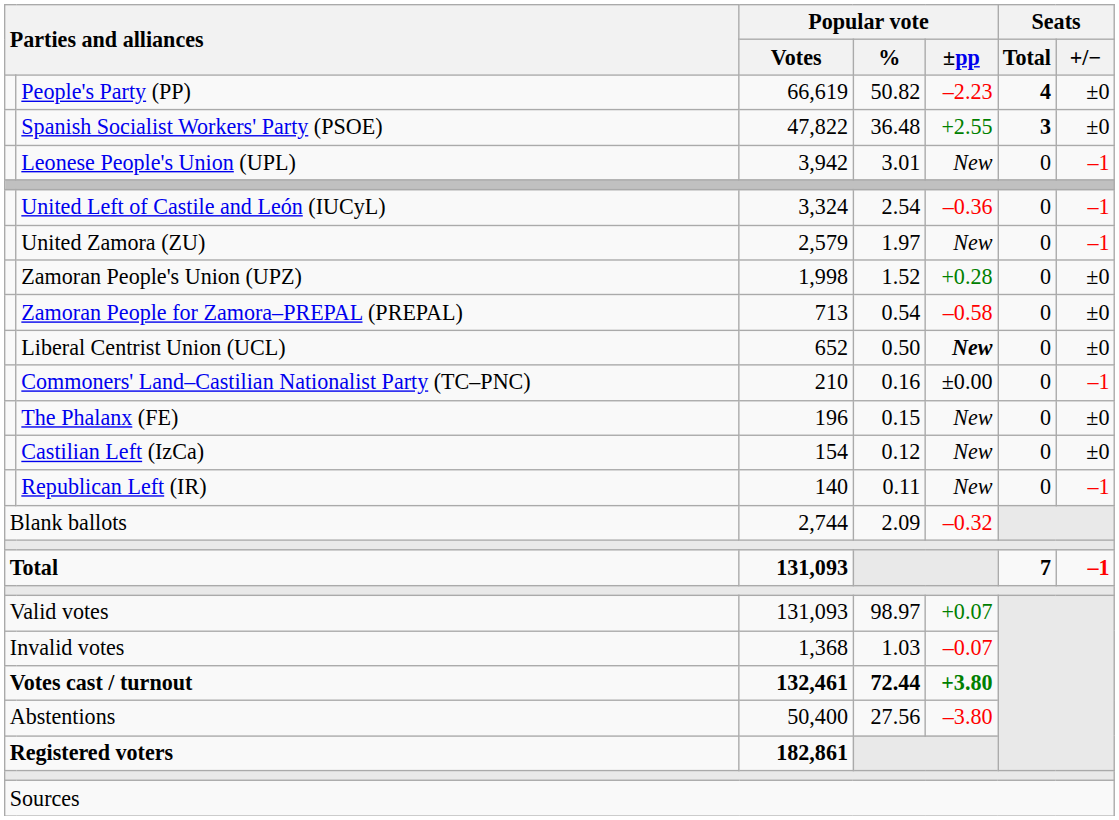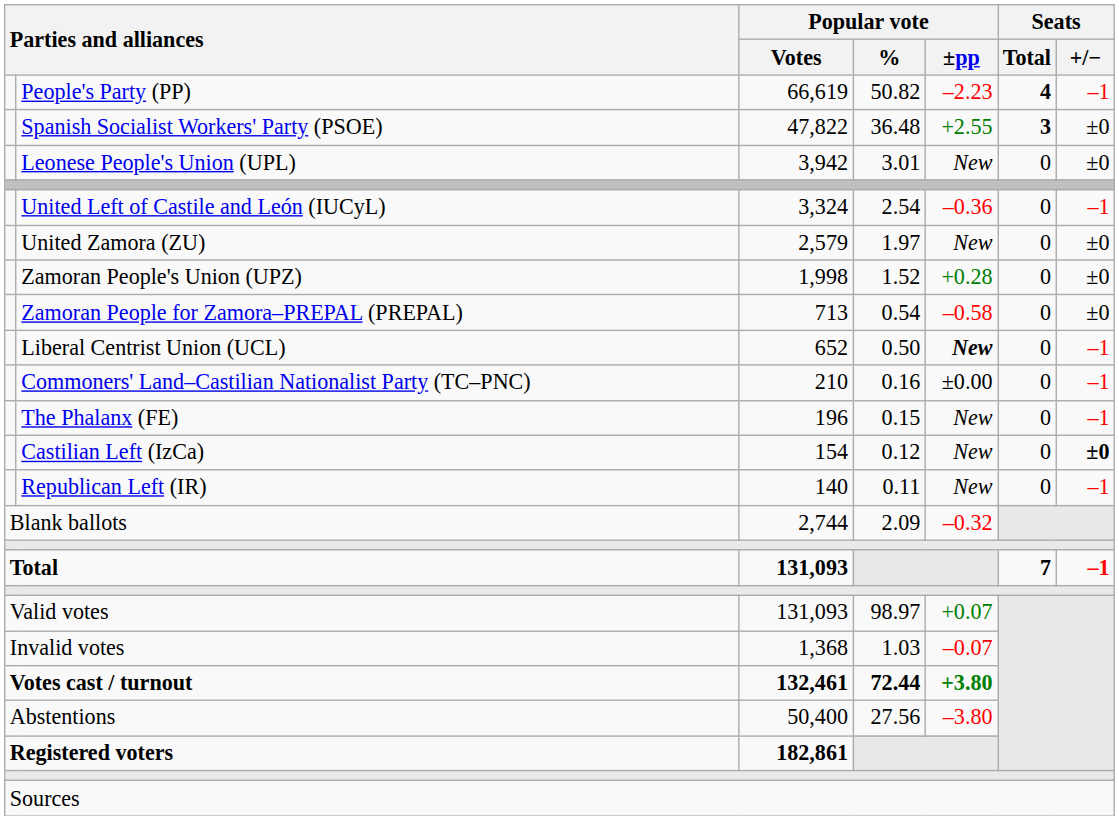 <table class="wikitable" style="text-align:right;">
 <tr>
 <th style="text-align:left;" rowspan="2" colspan="2" width="525">Parties and alliances</th>
 <th colspan="3">Popular vote</th>
 <th colspan="2">Seats</th>
 </tr>
 <tr>
 <th width="75">Votes</th>
 <th width="45">%</th>
 <th width="45">±<a href='#'>pp</a></th>
 <th width="35">Total</th>
 <th width="35">+/−</th>
 </tr>
 <tr>
 <td width="1" style="color:inherit;background:"></td>
 <td align="left"><a href='#'>People's Party</a> (PP)</td>
 <td>66,619</td>
 <td>50.82</td>
 <td style="color:red;">–2.23</td>
 <td><strong>4</strong></td>
-<td>±0</td>
+<td style="color:red;">–1</td>
 </tr>
 <tr>
 <td style="color:inherit;background:"></td>
 <td align="left"><a href='#'>Spanish Socialist Workers' Party</a> (PSOE)</td>
 <td>47,822</td>
 <td>36.48</td>
 <td style="color:green;">+2.55</td>
 <td><strong>3</strong></td>
 <td>±0</td>
 </tr>
 <tr>
 <td style="color:inherit;background:"></td>
 <td align="left"><a href='#'>Leonese People's Union</a> (UPL)</td>
 <td>3,942</td>
 <td>3.01</td>
 <td><em>New</em></td>
 <td>0</td>
-<td style="color:red;">–1</td>
+<td>±0</td>
 </tr>
 <tr>
 <td colspan="7" bgcolor="#C0C0C0"></td>
 </tr>
 <tr>
 <td style="color:inherit;background:"></td>
 <td align="left"><a href='#'>United Left of Castile and León</a> (IUCyL)</td>
 <td>3,324</td>
 <td>2.54</td>
 <td style="color:red;">–0.36</td>
 <td>0</td>
 <td style="color:red;">–1</td>
 </tr>
 <tr>
 <td style="color:inherit;background:"></td>
 <td align="left">United Zamora (ZU)</td>
 <td>2,579</td>
 <td>1.97</td>
 <td><em>New</em></td>
 <td>0</td>
-<td style="color:red;">–1</td>
+<td>±0</td>
 </tr>
 <tr>
 <td style="color:inherit;background:"></td>
 <td align="left">Zamoran People's Union (UPZ)</td>
 <td>1,998</td>
 <td>1.52</td>
 <td style="color:green;">+0.28</td>
 <td>0</td>
 <td>±0</td>
 </tr>
 <tr>
 <td style="color:inherit;background:"></td>
 <td align="left"><a href='#'>Zamoran People for Zamora–PREPAL</a> (PREPAL)</td>
 <td>713</td>
 <td>0.54</td>
 <td style="color:red;">–0.58</td>
 <td>0</td>
 <td>±0</td>
 </tr>
 <tr>
 <td style="color:inherit;background:"></td>
 <td align="left">Liberal Centrist Union (UCL)</td>
 <td>652</td>
 <td>0.50</td>
 <td><strong><em>New</em></strong></td>
 <td>0</td>
-<td>±0</td>
+<td style="color:red;">–1</td>
 </tr>
 <tr>
 <td style="color:inherit;background:"></td>
 <td align="left"><a href='#'>Commoners' Land–Castilian Nationalist Party</a> (TC–PNC)</td>
 <td>210</td>
 <td>0.16</td>
 <td>±0.00</td>
 <td>0</td>
 <td style="color:red;">–1</td>
 </tr>
 <tr>
 <td style="color:inherit;background:"></td>
 <td align="left"><a href='#'>The Phalanx</a> (FE)</td>
 <td>196</td>
 <td>0.15</td>
 <td><em>New</em></td>
 <td>0</td>
-<td>±0</td>
+<td style="color:red;">–1</td>
 </tr>
 <tr>
 <td style="color:inherit;background:"></td>
 <td align="left"><a href='#'>Castilian Left</a> (IzCa)</td>
 <td>154</td>
 <td>0.12</td>
 <td><em>New</em></td>
 <td>0</td>
-<td>±0</td>
+<td><strong>±0</strong></td>
 </tr>
 <tr>
 <td style="color:inherit;background:"></td>
 <td align="left"><a href='#'>Republican Left</a> (IR)</td>
 <td>140</td>
 <td>0.11</td>
 <td><em>New</em></td>
 <td>0</td>
 <td style="color:red;">–1</td>
 </tr>
 <tr>
 <td align="left" colspan="2">Blank ballots</td>
 <td>2,744</td>
 <td>2.09</td>
 <td style="color:red;">–0.32</td>
 <td bgcolor="#E9E9E9" colspan="2"></td>
 </tr>
 <tr>
 <td colspan="7" bgcolor="#E9E9E9"></td>
 </tr>
 <tr style="font-weight:bold;">
 <td align="left" colspan="2">Total</td>
 <td>131,093</td>
 <td bgcolor="#E9E9E9" colspan="2"></td>
 <td>7</td>
 <td style="color:red;">–1</td>
 </tr>
 <tr>
 <td colspan="7" bgcolor="#E9E9E9"></td>
 </tr>
 <tr>
 <td align="left" colspan="2">Valid votes</td>
 <td>131,093</td>
 <td>98.97</td>
 <td style="color:green;">+0.07</td>
 <td bgcolor="#E9E9E9" colspan="2" rowspan="5"></td>
 </tr>
 <tr>
 <td align="left" colspan="2">Invalid votes</td>
 <td>1,368</td>
 <td>1.03</td>
 <td style="color:red;">–0.07</td>
 </tr>
 <tr style="font-weight:bold;">
 <td align="left" colspan="2">Votes cast / turnout</td>
 <td>132,461</td>
 <td>72.44</td>
 <td style="color:green;">+3.80</td>
 </tr>
 <tr>
 <td align="left" colspan="2">Abstentions</td>
 <td>50,400</td>
 <td>27.56</td>
 <td style="color:red;">–3.80</td>
 </tr>
 <tr style="font-weight:bold;">
 <td align="left" colspan="2">Registered voters</td>
 <td>182,861</td>
 <td bgcolor="#E9E9E9" colspan="2"></td>
 </tr>
 <tr>
 <td colspan="7" bgcolor="#E9E9E9"></td>
 </tr>
 <tr>
 <td align="left" colspan="7">Sources</td>
 </tr>
 </table>
